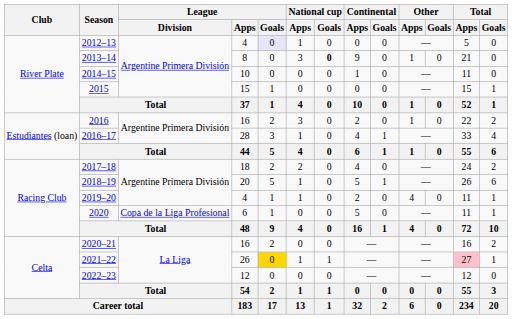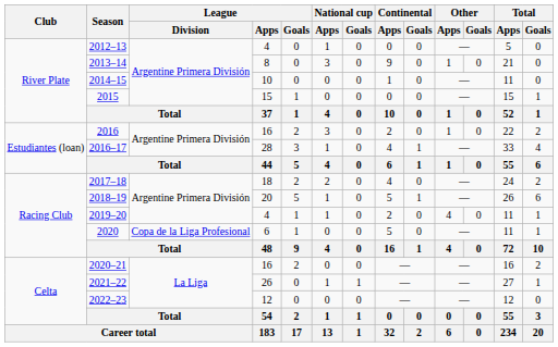 <table class="wikitable" style="text-align:center">
 <tr>
 <th rowspan="2">Club</th>
 <th rowspan="2">Season</th>
 <th colspan="3">League</th>
 <th colspan="2">National cup</th>
 <th colspan="2">Continental</th>
 <th colspan="2">Other</th>
 <th colspan="2">Total</th>
 </tr>
 <tr>
 <th>Division</th>
 <th>Apps</th>
 <th>Goals</th>
 <th>Apps</th>
 <th>Goals</th>
 <th>Apps</th>
 <th>Goals</th>
 <th>Apps</th>
 <th>Goals</th>
 <th>Apps</th>
 <th>Goals</th>
 </tr>
 <tr>
 <td rowspan="5"><a href='#'>River Plate</a></td>
 <td><a href='#'>2012–13</a></td>
 <td rowspan="4"><a href='#'>Argentine Primera División</a></td>
 <td>4</td>
-<td style="background: lavender;">0</td>
+<td>0</td>
 <td>1</td>
 <td>0</td>
 <td>0</td>
 <td>0</td>
 <td colspan="2">—</td>
 <td>5</td>
 <td>0</td>
 </tr>
 <tr>
 <td><a href='#'>2013–14</a></td>
 <td>8</td>
 <td>0</td>
 <td>3</td>
-<td><strong>0</strong></td>
+<td>0</td>
 <td>9</td>
 <td>0</td>
 <td>1</td>
 <td>0</td>
 <td>21</td>
 <td>0</td>
 </tr>
 <tr>
 <td><a href='#'>2014–15</a></td>
 <td>10</td>
 <td>0</td>
 <td>0</td>
 <td>0</td>
 <td>1</td>
 <td>0</td>
 <td colspan="2">—</td>
 <td>11</td>
 <td>0</td>
 </tr>
 <tr>
 <td><a href='#'>2015</a></td>
 <td>15</td>
 <td>1</td>
 <td>0</td>
 <td>0</td>
 <td>0</td>
 <td>0</td>
 <td colspan="2">—</td>
 <td>15</td>
 <td>1</td>
 </tr>
 <tr>
 <th colspan="2">Total</th>
 <th>37</th>
 <th>1</th>
 <th>4</th>
 <th>0</th>
 <th>10</th>
 <th>0</th>
 <th>1</th>
 <th>0</th>
 <th>52</th>
 <th>1</th>
 </tr>
 <tr>
 <td rowspan="3"><a href='#'>Estudiantes</a> (loan)</td>
 <td><a href='#'>2016</a></td>
 <td rowspan="2">Argentine Primera División</td>
 <td>16</td>
 <td>2</td>
 <td>3</td>
 <td>0</td>
 <td>2</td>
 <td>0</td>
 <td>1</td>
 <td>0</td>
 <td>22</td>
 <td>2</td>
 </tr>
 <tr>
 <td><a href='#'>2016–17</a></td>
 <td>28</td>
 <td>3</td>
 <td>1</td>
 <td>0</td>
 <td>4</td>
 <td>1</td>
 <td colspan="2">—</td>
 <td>33</td>
 <td>4</td>
 </tr>
 <tr>
 <th colspan="2">Total</th>
 <th>44</th>
 <th>5</th>
 <th>4</th>
 <th>0</th>
 <th>6</th>
 <th>1</th>
 <th>1</th>
 <th>0</th>
 <th>55</th>
 <th>6</th>
 </tr>
 <tr>
 <td rowspan="5"><a href='#'>Racing Club</a></td>
 <td><a href='#'>2017–18</a></td>
 <td rowspan="3">Argentine Primera División</td>
 <td>18</td>
 <td>2</td>
 <td>2</td>
 <td>0</td>
 <td>4</td>
 <td>0</td>
 <td colspan="2">—</td>
 <td>24</td>
 <td>2</td>
 </tr>
 <tr>
 <td><a href='#'>2018–19</a></td>
 <td>20</td>
 <td>5</td>
 <td>1</td>
 <td>0</td>
 <td>5</td>
 <td>1</td>
 <td colspan="2">—</td>
 <td>26</td>
 <td>6</td>
 </tr>
 <tr>
 <td><a href='#'>2019–20</a></td>
 <td>4</td>
 <td>1</td>
 <td>1</td>
 <td>0</td>
 <td>2</td>
 <td>0</td>
 <td>4</td>
 <td>0</td>
 <td>11</td>
 <td>1</td>
 </tr>
 <tr>
 <td><a href='#'>2020</a></td>
 <td><a href='#'>Copa de la Liga Profesional</a></td>
 <td>6</td>
 <td>1</td>
 <td>0</td>
 <td>0</td>
 <td>5</td>
 <td>0</td>
 <td colspan="2">—</td>
 <td>11</td>
 <td>1</td>
 </tr>
 <tr>
 <th colspan="2">Total</th>
 <th>48</th>
 <th>9</th>
 <th>4</th>
 <th>0</th>
 <th>16</th>
 <th>1</th>
 <th>4</th>
 <th>0</th>
 <th>72</th>
 <th>10</th>
 </tr>
 <tr>
 <td rowspan="4"><a href='#'>Celta</a></td>
 <td><a href='#'>2020–21</a></td>
 <td rowspan="3"><a href='#'>La Liga</a></td>
 <td>16</td>
 <td>2</td>
 <td>0</td>
 <td>0</td>
 <td colspan="2">—</td>
 <td colspan="2">—</td>
 <td>16</td>
 <td>2</td>
 </tr>
 <tr>
 <td><a href='#'>2021–22</a></td>
 <td>26</td>
-<td style="background: gold;">0</td>
+<td>0</td>
 <td>1</td>
 <td>1</td>
 <td colspan="2">—</td>
 <td colspan="2">—</td>
-<td style="background: pink;">27</td>
+<td>27</td>
 <td>1</td>
 </tr>
 <tr>
 <td><a href='#'>2022–23</a></td>
 <td>12</td>
 <td>0</td>
 <td>0</td>
 <td>0</td>
 <td colspan="2">—</td>
 <td colspan="2">—</td>
 <td>12</td>
 <td>0</td>
 </tr>
 <tr>
 <th colspan="2">Total</th>
 <th>54</th>
 <th>2</th>
 <th>1</th>
 <th>1</th>
 <th>0</th>
 <th>0</th>
 <th>0</th>
 <th>0</th>
 <th>55</th>
 <th>3</th>
 </tr>
 <tr>
 <th colspan="3">Career total</th>
 <th>183</th>
 <th>17</th>
 <th>13</th>
 <th>1</th>
 <th>32</th>
 <th>2</th>
 <th>6</th>
 <th>0</th>
 <th>234</th>
 <th>20</th>
 </tr>
 </table>
